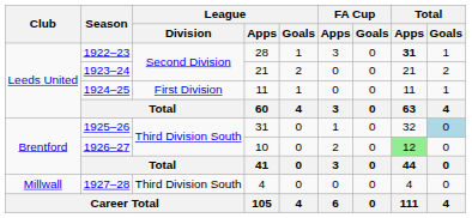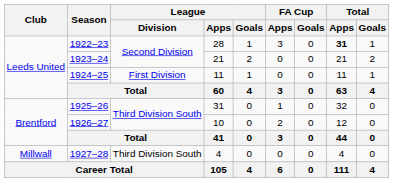 <table class="wikitable" style="text-align: center;">
 <tr>
 <th rowspan="2">Club</th>
 <th rowspan="2">Season</th>
 <th colspan="3">League</th>
 <th colspan="2">FA Cup</th>
 <th colspan="2">Total</th>
 </tr>
 <tr>
 <th>Division</th>
 <th>Apps</th>
 <th>Goals</th>
 <th>Apps</th>
 <th>Goals</th>
 <th>Apps</th>
 <th>Goals</th>
 </tr>
 <tr>
 <td rowspan="4"><a href='#'>Leeds United</a></td>
 <td><a href='#'>1922–23</a></td>
 <td rowspan="2"><a href='#'>Second Division</a></td>
 <td>28</td>
 <td>1</td>
 <td>3</td>
 <td>0</td>
 <td><strong>31</strong></td>
 <td>1</td>
 </tr>
 <tr>
 <td><a href='#'>1923–24</a></td>
 <td>21</td>
 <td>2</td>
 <td>0</td>
 <td>0</td>
 <td>21</td>
 <td>2</td>
 </tr>
 <tr>
 <td><a href='#'>1924–25</a></td>
 <td><a href='#'>First Division</a></td>
 <td>11</td>
 <td>1</td>
 <td>0</td>
 <td>0</td>
 <td>11</td>
 <td>1</td>
 </tr>
 <tr>
 <th colspan="2">Total</th>
 <th>60</th>
 <th>4</th>
 <th>3</th>
 <th>0</th>
 <th>63</th>
 <th>4</th>
 </tr>
 <tr>
 <td rowspan="3"><a href='#'>Brentford</a></td>
 <td><a href='#'>1925–26</a></td>
 <td rowspan="2"><a href='#'>Third Division South</a></td>
 <td>31</td>
 <td>0</td>
 <td>1</td>
 <td>0</td>
 <td>32</td>
-<td style="background: lightblue;">0</td>
+<td>0</td>
 </tr>
 <tr>
 <td><a href='#'>1926–27</a></td>
 <td>10</td>
 <td>0</td>
 <td>2</td>
 <td>0</td>
-<td style="background: lightgreen;">12</td>
+<td>12</td>
 <td>0</td>
 </tr>
 <tr>
 <th colspan="2">Total</th>
 <th>41</th>
 <th>0</th>
 <th>3</th>
 <th>0</th>
 <th>44</th>
 <th>0</th>
 </tr>
 <tr>
 <td><a href='#'>Millwall</a></td>
 <td><a href='#'>1927–28</a></td>
 <td>Third Division South</td>
 <td>4</td>
 <td>0</td>
 <td>0</td>
 <td>0</td>
 <td>4</td>
 <td>0</td>
 </tr>
 <tr>
 <th colspan="3">Career Total</th>
 <th>105</th>
 <th>4</th>
 <th>6</th>
 <th>0</th>
 <th>111</th>
 <th>4</th>
 </tr>
 </table>
